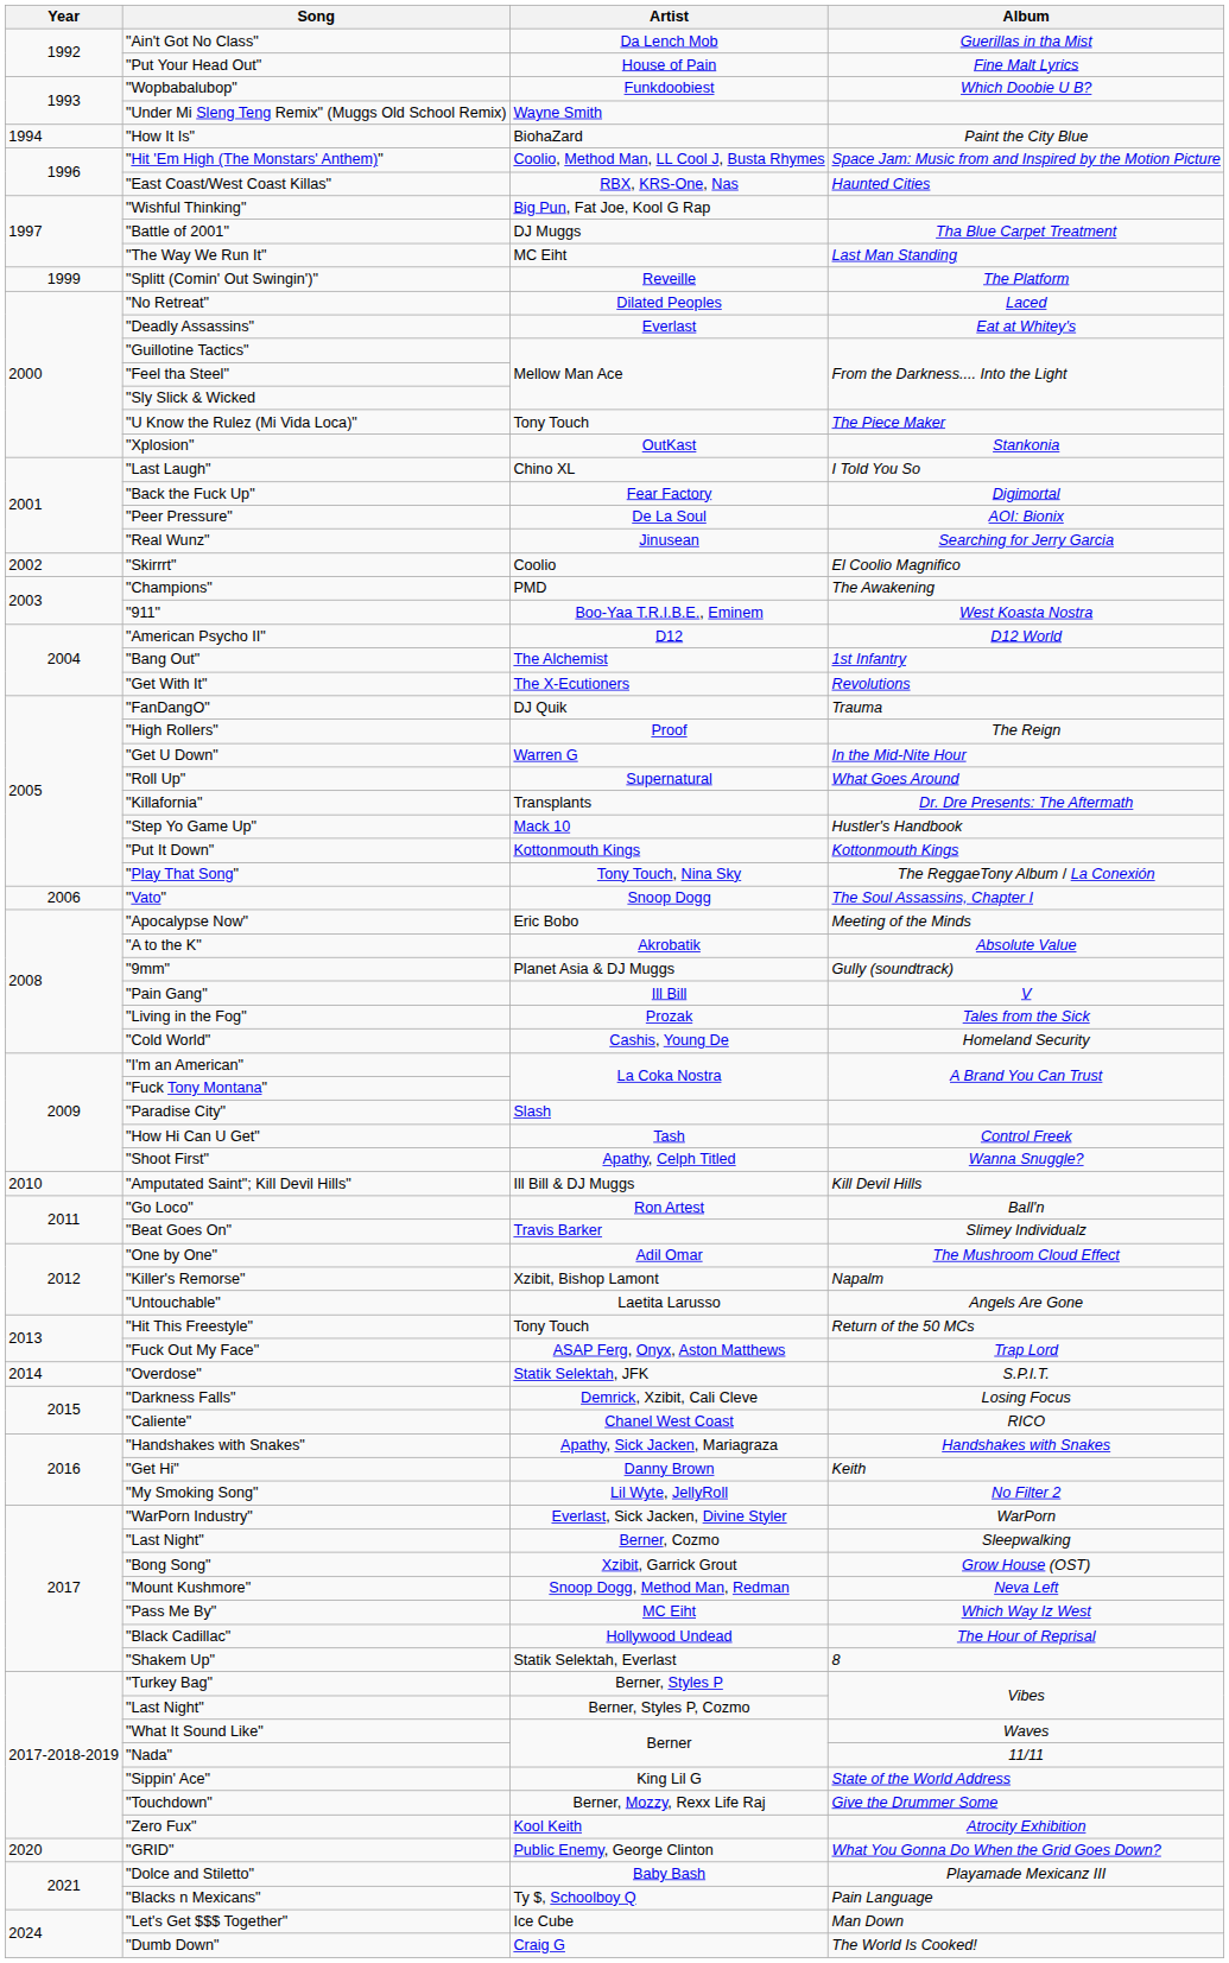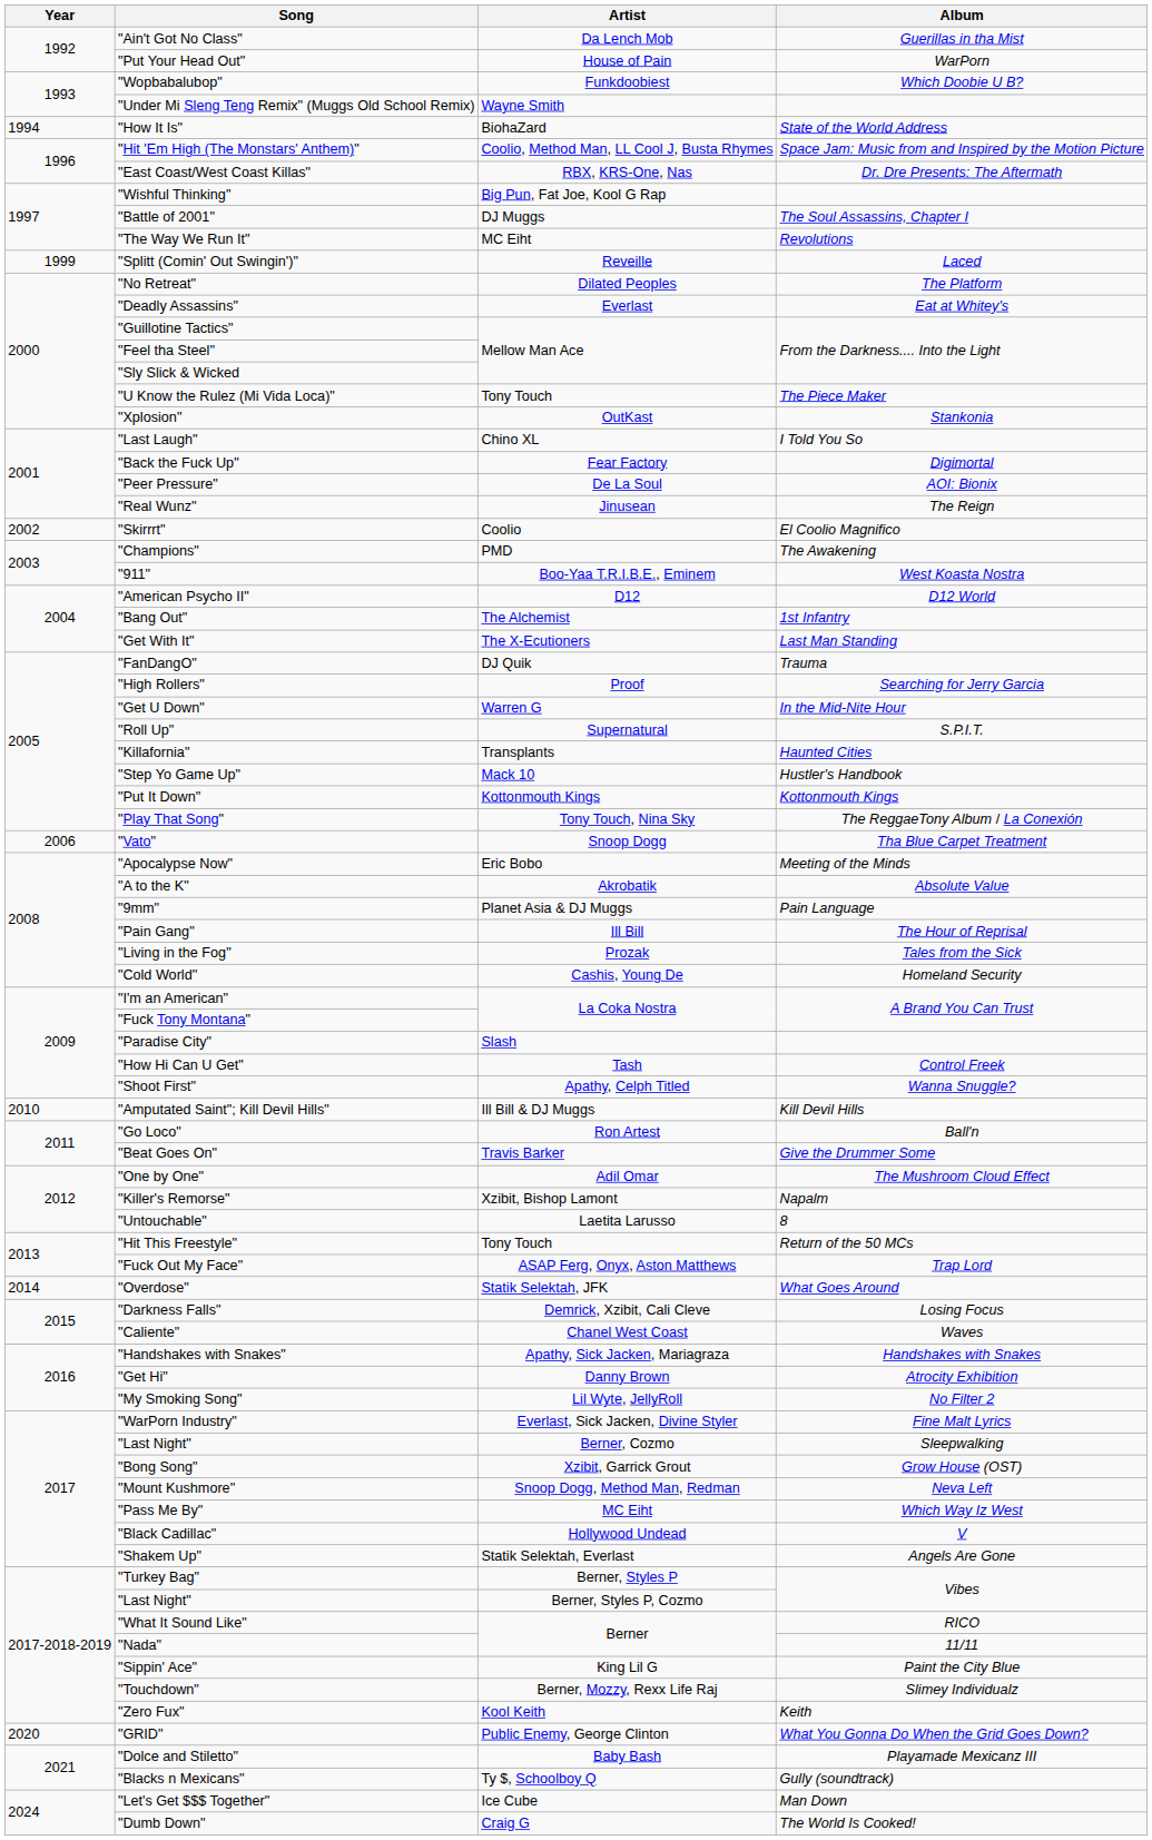 <table class="wikitable">
 <tr>
 <th>Year</th>
 <th>Song</th>
 <th>Artist</th>
 <th>Album</th>
 </tr>
 <tr>
 <td rowspan="2" align="center">1992</td>
 <td>"Ain't Got No Class"</td>
 <td style="text-align:center;"><a href='#'>Da Lench Mob</a></td>
 <td style="text-align:center;"><em><a href='#'>Guerillas in tha Mist</a></em></td>
 </tr>
 <tr>
 <td>"Put Your Head Out"</td>
 <td style="text-align:center;"><a href='#'>House of Pain</a></td>
-<td style="text-align:center;"><em><a href='#'>Fine Malt Lyrics</a></em></td>
+<td style="text-align:center;"><em>WarPorn</em></td>
 </tr>
 <tr>
 <td rowspan="2" align="center">1993</td>
 <td>"Wopbabalubop"</td>
 <td style="text-align:center;"><a href='#'>Funkdoobiest</a></td>
 <td style="text-align:center;"><em><a href='#'>Which Doobie U B?</a></em></td>
 </tr>
 <tr>
 <td>"Under Mi <a href='#'>Sleng Teng</a> Remix" (Muggs Old School Remix)</td>
 <td><a href='#'>Wayne Smith</a></td>
 <td></td>
 </tr>
 <tr>
 <td>1994</td>
 <td>"How It Is"</td>
 <td>BiohaZard</td>
-<td style="text-align:center;"><em>Paint the City Blue</em></td>
+<td><em><a href='#'>State of the World Address</a></em></td>
 </tr>
 <tr>
 <td rowspan="2" align="center">1996</td>
 <td>"<a href='#'>Hit 'Em High (The Monstars' Anthem)</a>"</td>
 <td style="text-align:center;"><a href='#'>Coolio</a>, <a href='#'>Method Man</a>, <a href='#'>LL Cool J</a>, <a href='#'>Busta Rhymes</a></td>
 <td style="text-align:center;"><em><a href='#'>Space Jam: Music from and Inspired by the Motion Picture</a></em></td>
 </tr>
 <tr>
 <td>"East Coast/West Coast Killas"</td>
 <td style="text-align:center;"><a href='#'>RBX</a>, <a href='#'>KRS-One</a>, <a href='#'>Nas</a></td>
-<td><em><a href='#'>Haunted Cities</a></em></td>
+<td style="text-align:center;"><em><a href='#'>Dr. Dre Presents: The Aftermath</a></em></td>
 </tr>
 <tr>
 <td rowspan="3">1997</td>
 <td>"Wishful Thinking"</td>
 <td><a href='#'>Big Pun</a>, Fat Joe, Kool G Rap</td>
 <td></td>
 </tr>
 <tr>
 <td>"Battle of 2001"</td>
 <td>DJ Muggs</td>
-<td style="text-align:center;"><em><a href='#'>Tha Blue Carpet Treatment</a></em></td>
+<td><em><a href='#'>The Soul Assassins, Chapter I</a></em></td>
 </tr>
 <tr>
 <td>"The Way We Run It"</td>
 <td>MC Eiht</td>
-<td><a href='#'><em>Last Man Standing</em></a></td>
+<td><a href='#'><em>Revolutions</em></a></td>
 </tr>
 <tr>
 <td align="center">1999</td>
 <td>"Splitt (Comin' Out Swingin')"</td>
 <td style="text-align:center;"><a href='#'>Reveille</a></td>
-<td style="text-align:center;"><em><a href='#'>The Platform</a></em></td>
+<td style="text-align:center;"><em><a href='#'>Laced</a></em></td>
 </tr>
 <tr>
 <td rowspan="7">2000</td>
 <td>"No Retreat"</td>
 <td style="text-align:center;"><a href='#'>Dilated Peoples</a></td>
-<td style="text-align:center;"><em><a href='#'>Laced</a></em></td>
+<td style="text-align:center;"><em><a href='#'>The Platform</a></em></td>
 </tr>
 <tr>
 <td>"Deadly Assassins"</td>
 <td style="text-align:center;"><a href='#'>Everlast</a></td>
 <td style="text-align:center;"><em><a href='#'>Eat at Whitey's</a></em></td>
 </tr>
 <tr>
 <td>"Guillotine Tactics"</td>
 <td rowspan="3">Mellow Man Ace</td>
 <td rowspan="3"><em>From the Darkness.... Into the Light</em></td>
 </tr>
 <tr>
 <td>"Feel tha Steel"</td>
 </tr>
 <tr>
 <td>"Sly Slick & Wicked</td>
 </tr>
 <tr>
 <td>"U Know the Rulez (Mi Vida Loca)"</td>
 <td>Tony Touch</td>
 <td><em><a href='#'>The Piece Maker</a></em></td>
 </tr>
 <tr>
 <td>"Xplosion"</td>
 <td style="text-align:center;"><a href='#'>OutKast</a></td>
 <td style="text-align:center;"><em><a href='#'>Stankonia</a></em></td>
 </tr>
 <tr>
 <td rowspan="4">2001</td>
 <td>"Last Laugh"</td>
 <td>Chino XL</td>
 <td><em>I Told You So</em></td>
 </tr>
 <tr>
 <td>"Back the Fuck Up"</td>
 <td style="text-align:center;"><a href='#'>Fear Factory</a></td>
 <td style="text-align:center;"><em><a href='#'>Digimortal</a></em></td>
 </tr>
 <tr>
 <td>"Peer Pressure"</td>
 <td style="text-align:center;"><a href='#'>De La Soul</a></td>
 <td style="text-align:center;"><em><a href='#'>AOI: Bionix</a></em></td>
 </tr>
 <tr>
 <td>"Real Wunz"</td>
 <td style="text-align:center;"><a href='#'>Jinusean</a></td>
-<td style="text-align:center;"><em><a href='#'>Searching for Jerry Garcia</a></em></td>
+<td style="text-align:center;"><em>The Reign</em></td>
 </tr>
 <tr>
 <td>2002</td>
 <td>"Skirrrt"</td>
 <td>Coolio</td>
 <td><em>El Coolio Magnifico</em></td>
 </tr>
 <tr>
 <td rowspan="2">2003</td>
 <td>"Champions"</td>
 <td>PMD</td>
 <td><em>The Awakening</em></td>
 </tr>
 <tr>
 <td>"911"</td>
 <td style="text-align:center;"><a href='#'>Boo-Yaa T.R.I.B.E.</a>, <a href='#'>Eminem</a></td>
 <td style="text-align:center;"><em><a href='#'>West Koasta Nostra</a></em></td>
 </tr>
 <tr>
 <td rowspan="3" align="center">2004</td>
 <td>"American Psycho II"</td>
 <td style="text-align:center;"><a href='#'>D12</a></td>
 <td style="text-align:center;"><em><a href='#'>D12 World</a></em></td>
 </tr>
 <tr>
 <td>"Bang Out"</td>
 <td><a href='#'>The Alchemist</a></td>
 <td><a href='#'><em>1st Infantry</em></a></td>
 </tr>
 <tr>
 <td>"Get With It"</td>
 <td><a href='#'>The X-Ecutioners</a></td>
-<td><a href='#'><em>Revolutions</em></a></td>
+<td><a href='#'><em>Last Man Standing</em></a></td>
 </tr>
 <tr>
 <td rowspan="8">2005</td>
 <td>"FanDangO"</td>
 <td>DJ Quik</td>
 <td><em>Trauma</em></td>
 </tr>
 <tr>
 <td>"High Rollers"</td>
 <td style="text-align:center;"><a href='#'>Proof</a></td>
-<td style="text-align:center;"><em>The Reign</em></td>
+<td style="text-align:center;"><em><a href='#'>Searching for Jerry Garcia</a></em></td>
 </tr>
 <tr>
 <td>"Get U Down"</td>
 <td><a href='#'>Warren G</a></td>
 <td><em><a href='#'>In the Mid-Nite Hour</a></em></td>
 </tr>
 <tr>
 <td>"Roll Up"</td>
 <td style="text-align:center;"><a href='#'>Supernatural</a></td>
-<td><a href='#'><em>What Goes Around</em></a></td>
+<td style="text-align:center;"><em>S.P.I.T.</em></td>
 </tr>
 <tr>
 <td>"Killafornia"</td>
 <td>Transplants</td>
-<td style="text-align:center;"><em><a href='#'>Dr. Dre Presents: The Aftermath</a></em></td>
+<td><em><a href='#'>Haunted Cities</a></em></td>
 </tr>
 <tr>
 <td>"Step Yo Game Up"</td>
 <td><a href='#'>Mack 10</a></td>
 <td><em>Hustler's Handbook</em></td>
 </tr>
 <tr>
 <td>"Put It Down"</td>
 <td><a href='#'>Kottonmouth Kings</a></td>
 <td><a href='#'><em>Kottonmouth Kings</em></a></td>
 </tr>
 <tr>
 <td>"<a href='#'>Play That Song</a>"</td>
 <td style="text-align:center;"><a href='#'>Tony Touch</a>, <a href='#'>Nina Sky</a></td>
 <td style="text-align:center;"><em>The ReggaeTony Album</em> / <em><a href='#'>La Conexión</a></em></td>
 </tr>
 <tr>
 <td style="text-align:center;">2006</td>
 <td>"<a href='#'>Vato</a>"</td>
 <td style="text-align:center;"><a href='#'>Snoop Dogg</a></td>
-<td><em><a href='#'>The Soul Assassins, Chapter I</a></em></td>
+<td style="text-align:center;"><em><a href='#'>Tha Blue Carpet Treatment</a></em></td>
 </tr>
 <tr>
 <td rowspan="6">2008</td>
 <td>"Apocalypse Now"</td>
 <td>Eric Bobo</td>
 <td><em>Meeting of the Minds</em></td>
 </tr>
 <tr>
 <td>"A to the K"</td>
 <td style="text-align:center;"><a href='#'>Akrobatik</a></td>
 <td style="text-align:center;"><em><a href='#'>Absolute Value</a></em></td>
 </tr>
 <tr>
 <td>"9mm"</td>
 <td>Planet Asia & DJ Muggs</td>
-<td><em>Gully (soundtrack)</em></td>
+<td><em>Pain Language</em></td>
 </tr>
 <tr>
 <td>"Pain Gang"</td>
 <td style="text-align:center;"><a href='#'>Ill Bill</a></td>
-<td style="text-align:center;"><em><a href='#'>V</a></em></td>
+<td style="text-align:center;"><em><a href='#'>The Hour of Reprisal</a></em></td>
 </tr>
 <tr>
 <td>"Living in the Fog"</td>
 <td style="text-align:center;"><a href='#'>Prozak</a></td>
 <td style="text-align:center;"><em><a href='#'>Tales from the Sick</a></em></td>
 </tr>
 <tr>
 <td>"Cold World"</td>
 <td style="text-align:center;"><a href='#'>Cashis</a>, <a href='#'>Young De</a></td>
 <td style="text-align:center;"><em>Homeland Security</em></td>
 </tr>
 <tr>
 <td rowspan="5" style="text-align:center;">2009</td>
 <td>"I'm an American"</td>
 <td rowspan="2" style="text-align:center;"><a href='#'>La Coka Nostra</a></td>
 <td rowspan="2" style="text-align:center;"><em><a href='#'>A Brand You Can Trust</a></em></td>
 </tr>
 <tr>
 <td>"Fuck <a href='#'>Tony Montana</a>"</td>
 </tr>
 <tr>
 <td>"Paradise City"</td>
 <td><a href='#'>Slash</a></td>
 <td></td>
 </tr>
 <tr>
 <td>"How Hi Can U Get"</td>
 <td style="text-align:center;"><a href='#'>Tash</a></td>
 <td style="text-align:center;"><em><a href='#'>Control Freek</a></em></td>
 </tr>
 <tr>
 <td>"Shoot First"</td>
 <td style="text-align:center;"><a href='#'>Apathy</a>, <a href='#'>Celph Titled</a></td>
 <td style="text-align:center;"><em><a href='#'>Wanna Snuggle?</a></em></td>
 </tr>
 <tr>
 <td>2010</td>
 <td>"Amputated Saint"; Kill Devil Hills"</td>
 <td>Ill Bill & DJ Muggs</td>
 <td><em>Kill Devil Hills</em></td>
 </tr>
 <tr>
 <td rowspan="2" style="text-align:center;">2011</td>
 <td>"Go Loco"</td>
 <td style="text-align:center;"><a href='#'>Ron Artest</a></td>
 <td style="text-align:center;"><em>Ball'n</em></td>
 </tr>
 <tr>
 <td>"Beat Goes On"</td>
 <td><a href='#'>Travis Barker</a></td>
-<td style="text-align:center;"><em>Slimey Individualz</em></td>
+<td><em><a href='#'>Give the Drummer Some</a></em></td>
 </tr>
 <tr>
 <td rowspan="3" style="text-align:center;">2012</td>
 <td>"One by One"</td>
 <td style="text-align:center;"><a href='#'>Adil Omar</a></td>
 <td style="text-align:center;"><em><a href='#'>The Mushroom Cloud Effect</a></em></td>
 </tr>
 <tr>
 <td>"Killer's Remorse"</td>
 <td>Xzibit, Bishop Lamont</td>
 <td><em>Napalm</em></td>
 </tr>
 <tr>
 <td>"Untouchable"</td>
 <td style="text-align:center;">Laetita Larusso</td>
-<td style="text-align:center;"><em>Angels Are Gone</em></td>
+<td><em>8</em></td>
 </tr>
 <tr>
 <td rowspan="2">2013</td>
 <td>"Hit This Freestyle"</td>
 <td>Tony Touch</td>
 <td><em>Return of the 50 MCs</em></td>
 </tr>
 <tr>
 <td>"Fuck Out My Face"</td>
 <td style="text-align:center;"><a href='#'>ASAP Ferg</a>, <a href='#'>Onyx</a>, <a href='#'>Aston Matthews</a></td>
 <td style="text-align:center;"><em><a href='#'>Trap Lord</a></em></td>
 </tr>
 <tr>
 <td>2014</td>
 <td>"Overdose"</td>
 <td><a href='#'>Statik Selektah</a>, JFK</td>
-<td style="text-align:center;"><em>S.P.I.T.</em></td>
+<td><a href='#'><em>What Goes Around</em></a></td>
 </tr>
 <tr>
 <td rowspan="2" style="text-align:center;">2015</td>
 <td>"Darkness Falls"</td>
 <td style="text-align:center;"><a href='#'>Demrick</a>, Xzibit, Cali Cleve</td>
 <td style="text-align:center;"><em>Losing Focus</em></td>
 </tr>
 <tr>
 <td>"Caliente"</td>
 <td style="text-align:center;"><a href='#'>Chanel West Coast</a></td>
-<td style="text-align:center;"><em>RICO</em></td>
+<td style="text-align:center;"><em>Waves</em></td>
 </tr>
 <tr>
 <td rowspan="3" style="text-align:center;">2016</td>
 <td>"Handshakes with Snakes"</td>
 <td style="text-align:center;"><a href='#'>Apathy</a>, <a href='#'>Sick Jacken</a>, Mariagraza</td>
 <td style="text-align:center;"><em><a href='#'>Handshakes with Snakes</a></em></td>
 </tr>
 <tr>
 <td>"Get Hi"</td>
 <td style="text-align:center;"><a href='#'>Danny Brown</a></td>
-<td><em>Keith</em></td>
+<td style="text-align:center;"><em><a href='#'>Atrocity Exhibition</a></em></td>
 </tr>
 <tr>
 <td>"My Smoking Song"</td>
 <td style="text-align:center;"><a href='#'>Lil Wyte</a>, <a href='#'>JellyRoll</a></td>
 <td style="text-align:center;"><em><a href='#'>No Filter 2</a></em></td>
 </tr>
 <tr>
 <td rowspan="7" style="text-align:center;">2017</td>
 <td>"WarPorn Industry"</td>
 <td style="text-align:center;"><a href='#'>Everlast</a>, Sick Jacken, <a href='#'>Divine Styler</a></td>
-<td style="text-align:center;"><em>WarPorn</em></td>
+<td style="text-align:center;"><em><a href='#'>Fine Malt Lyrics</a></em></td>
 </tr>
 <tr>
 <td>"Last Night"</td>
 <td style="text-align:center;"><a href='#'>Berner</a>, Cozmo</td>
 <td style="text-align:center;"><em>Sleepwalking</em></td>
 </tr>
 <tr>
 <td>"Bong Song"</td>
 <td style="text-align:center;"><a href='#'>Xzibit</a>, Garrick Grout</td>
 <td style="text-align:center;"><em><a href='#'>Grow House</a> (OST)</em></td>
 </tr>
 <tr>
 <td>"Mount Kushmore"</td>
 <td style="text-align:center;"><a href='#'>Snoop Dogg</a>, <a href='#'>Method Man</a>, <a href='#'>Redman</a></td>
 <td style="text-align:center;"><em><a href='#'>Neva Left</a></em></td>
 </tr>
 <tr>
 <td>"Pass Me By"</td>
 <td style="text-align:center;"><a href='#'>MC Eiht</a></td>
 <td style="text-align:center;"><em><a href='#'>Which Way Iz West</a></em></td>
 </tr>
 <tr>
 <td>"Black Cadillac"</td>
 <td style="text-align:center;"><a href='#'>Hollywood Undead</a></td>
-<td style="text-align:center;"><em><a href='#'>The Hour of Reprisal</a></em></td>
+<td style="text-align:center;"><em><a href='#'>V</a></em></td>
 </tr>
 <tr>
 <td>"Shakem Up"</td>
 <td>Statik Selektah, Everlast</td>
-<td><em>8</em></td>
+<td style="text-align:center;"><em>Angels Are Gone</em></td>
 </tr>
 <tr>
 <td rowspan="7" style="text-align:center;">2017-2018-2019</td>
 <td>"Turkey Bag"</td>
 <td style="text-align:center;">Berner, <a href='#'>Styles P</a></td>
 <td rowspan="2" style="text-align:center;"><em>Vibes</em></td>
 </tr>
 <tr>
 <td>"Last Night"</td>
 <td style="text-align:center;">Berner, Styles P, Cozmo</td>
 </tr>
 <tr>
 <td>"What It Sound Like"</td>
 <td rowspan="2" style="text-align:center;">Berner</td>
-<td style="text-align:center;"><em>Waves</em></td>
+<td style="text-align:center;"><em>RICO</em></td>
 </tr>
 <tr>
 <td>"Nada"</td>
 <td style="text-align:center;"><em>11/11</em></td>
 </tr>
 <tr>
 <td>"Sippin' Ace"</td>
 <td style="text-align:center;">King Lil G</td>
-<td><em><a href='#'>State of the World Address</a></em></td>
+<td style="text-align:center;"><em>Paint the City Blue</em></td>
 </tr>
 <tr>
 <td>"Touchdown"</td>
 <td style="text-align:center;">Berner, <a href='#'>Mozzy</a>, Rexx Life Raj</td>
-<td><em><a href='#'>Give the Drummer Some</a></em></td>
+<td style="text-align:center;"><em>Slimey Individualz</em></td>
 </tr>
 <tr>
 <td>"Zero Fux"</td>
 <td><a href='#'>Kool Keith</a></td>
-<td style="text-align:center;"><em><a href='#'>Atrocity Exhibition</a></em></td>
+<td><em>Keith</em></td>
 </tr>
 <tr>
 <td>2020</td>
 <td>"GRID"</td>
 <td><a href='#'>Public Enemy</a>, George Clinton</td>
 <td><em><a href='#'>What You Gonna Do When the Grid Goes Down?</a></em></td>
 </tr>
 <tr>
 <td rowspan="2" style="text-align:center;">2021</td>
 <td>"Dolce and Stiletto"</td>
 <td style="text-align:center;"><a href='#'>Baby Bash</a></td>
 <td style="text-align:center;"><em>Playamade Mexicanz III</em></td>
 </tr>
 <tr>
 <td>"Blacks n Mexicans"</td>
 <td>Ty $, <a href='#'>Schoolboy Q</a></td>
-<td><em>Pain Language</em></td>
+<td><em>Gully (soundtrack)</em></td>
 </tr>
 <tr>
 <td rowspan="2">2024</td>
 <td>"Let's Get $$$ Together"</td>
 <td>Ice Cube</td>
 <td><em>Man Down</em></td>
 </tr>
 <tr>
 <td>"Dumb Down"</td>
 <td><a href='#'>Craig G</a></td>
 <td><em>The World Is Cooked!</em></td>
 </tr>
 </table>
